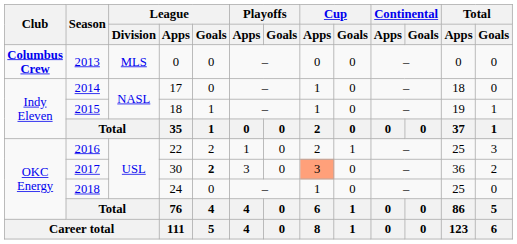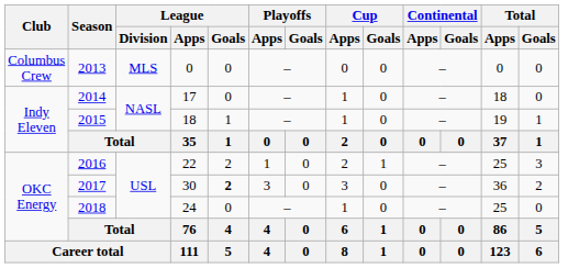 <table class="wikitable" style="text-align: center;">
 <tr>
 <th rowspan=2>Club</th>
 <th rowspan=2>Season</th>
 <th colspan=3>League</th>
 <th colspan=2>Playoffs</th>
 <th colspan=2><a href='#'>Cup</a></th>
 <th colspan=2><a href='#'>Continental</a></th>
 <th colspan=2>Total</th>
 </tr>
 <tr>
 <th>Division</th>
 <th>Apps</th>
 <th>Goals</th>
 <th>Apps</th>
 <th>Goals</th>
 <th>Apps</th>
 <th>Goals</th>
 <th>Apps</th>
 <th>Goals</th>
 <th>Apps</th>
 <th>Goals</th>
 </tr>
 <tr>
-<td><strong><a href='#'>Columbus Crew</a></strong></td>
+<td><a href='#'>Columbus Crew</a></td>
 <td><a href='#'>2013</a></td>
 <td><a href='#'>MLS</a></td>
 <td>0</td>
 <td>0</td>
 <td colspan=2>–</td>
 <td>0</td>
 <td>0</td>
 <td colspan=2>–</td>
 <td>0</td>
 <td>0</td>
 </tr>
 <tr>
 <td rowspan=3><a href='#'>Indy Eleven</a></td>
 <td><a href='#'>2014</a></td>
 <td rowspan=2><a href='#'>NASL</a></td>
 <td>17</td>
 <td>0</td>
 <td colspan=2>–</td>
 <td>1</td>
 <td>0</td>
 <td colspan=2>–</td>
 <td>18</td>
 <td>0</td>
 </tr>
 <tr>
 <td><a href='#'>2015</a></td>
 <td>18</td>
 <td>1</td>
 <td colspan=2>–</td>
 <td>1</td>
 <td>0</td>
 <td colspan=2>–</td>
 <td>19</td>
 <td>1</td>
 </tr>
 <tr>
 <th colspan=2>Total</th>
 <th>35</th>
 <th>1</th>
 <th>0</th>
 <th>0</th>
 <th>2</th>
 <th>0</th>
 <th>0</th>
 <th>0</th>
 <th>37</th>
 <th>1</th>
 </tr>
 <tr>
 <td rowspan=4><a href='#'>OKC Energy</a></td>
 <td><a href='#'>2016</a></td>
 <td rowspan=3><a href='#'>USL</a></td>
 <td>22</td>
 <td>2</td>
 <td>1</td>
 <td>0</td>
 <td>2</td>
 <td>1</td>
 <td colspan=2>–</td>
 <td>25</td>
 <td>3</td>
 </tr>
 <tr>
 <td><a href='#'>2017</a></td>
 <td>30</td>
 <td><strong>2</strong></td>
 <td>3</td>
 <td>0</td>
-<td style="background: lightsalmon;">3</td>
+<td>3</td>
 <td>0</td>
 <td colspan=2>–</td>
 <td>36</td>
 <td>2</td>
 </tr>
 <tr>
 <td><a href='#'>2018</a></td>
 <td>24</td>
 <td>0</td>
 <td colspan=2>–</td>
 <td>1</td>
 <td>0</td>
 <td colspan=2>–</td>
 <td>25</td>
 <td>0</td>
 </tr>
 <tr>
 <th colspan=2>Total</th>
 <th>76</th>
 <th>4</th>
 <th>4</th>
 <th>0</th>
 <th>6</th>
 <th>1</th>
 <th>0</th>
 <th>0</th>
 <th>86</th>
 <th>5</th>
 </tr>
 <tr>
 <th colspan=3>Career total</th>
 <th>111</th>
 <th>5</th>
 <th>4</th>
 <th>0</th>
 <th>8</th>
 <th>1</th>
 <th>0</th>
 <th>0</th>
 <th>123</th>
 <th>6</th>
 </tr>
 </table>
